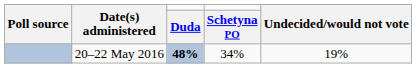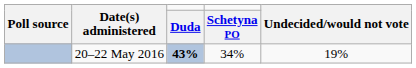 <table class="wikitable" style="text-align:center;font-size:85%;line-height:14px;">
 <tr>
 <th rowspan="2">Poll source</th>
 <th rowspan="2">Date(s)<br>administered</th>
 <td></td>
 <td></td>
 <th rowspan="2">Undecided/would not vote</th>
 </tr>
 <tr>
 <th><a href='#'>Duda</a><br></th>
 <th><a href='#'>Schetyna</a><br><small><a href='#'>PO</a></small></th>
 </tr>
 <tr>
 <td style="background:lightsteelblue;"></td>
 <td>20–22 May 2016</td>
-<td style="background:lightsteelblue;"><strong>48%</strong></td>
+<td style="background:lightsteelblue;"><strong>43%</strong></td>
 <td>34%</td>
 <td>19%</td>
 </tr>
 </table>
